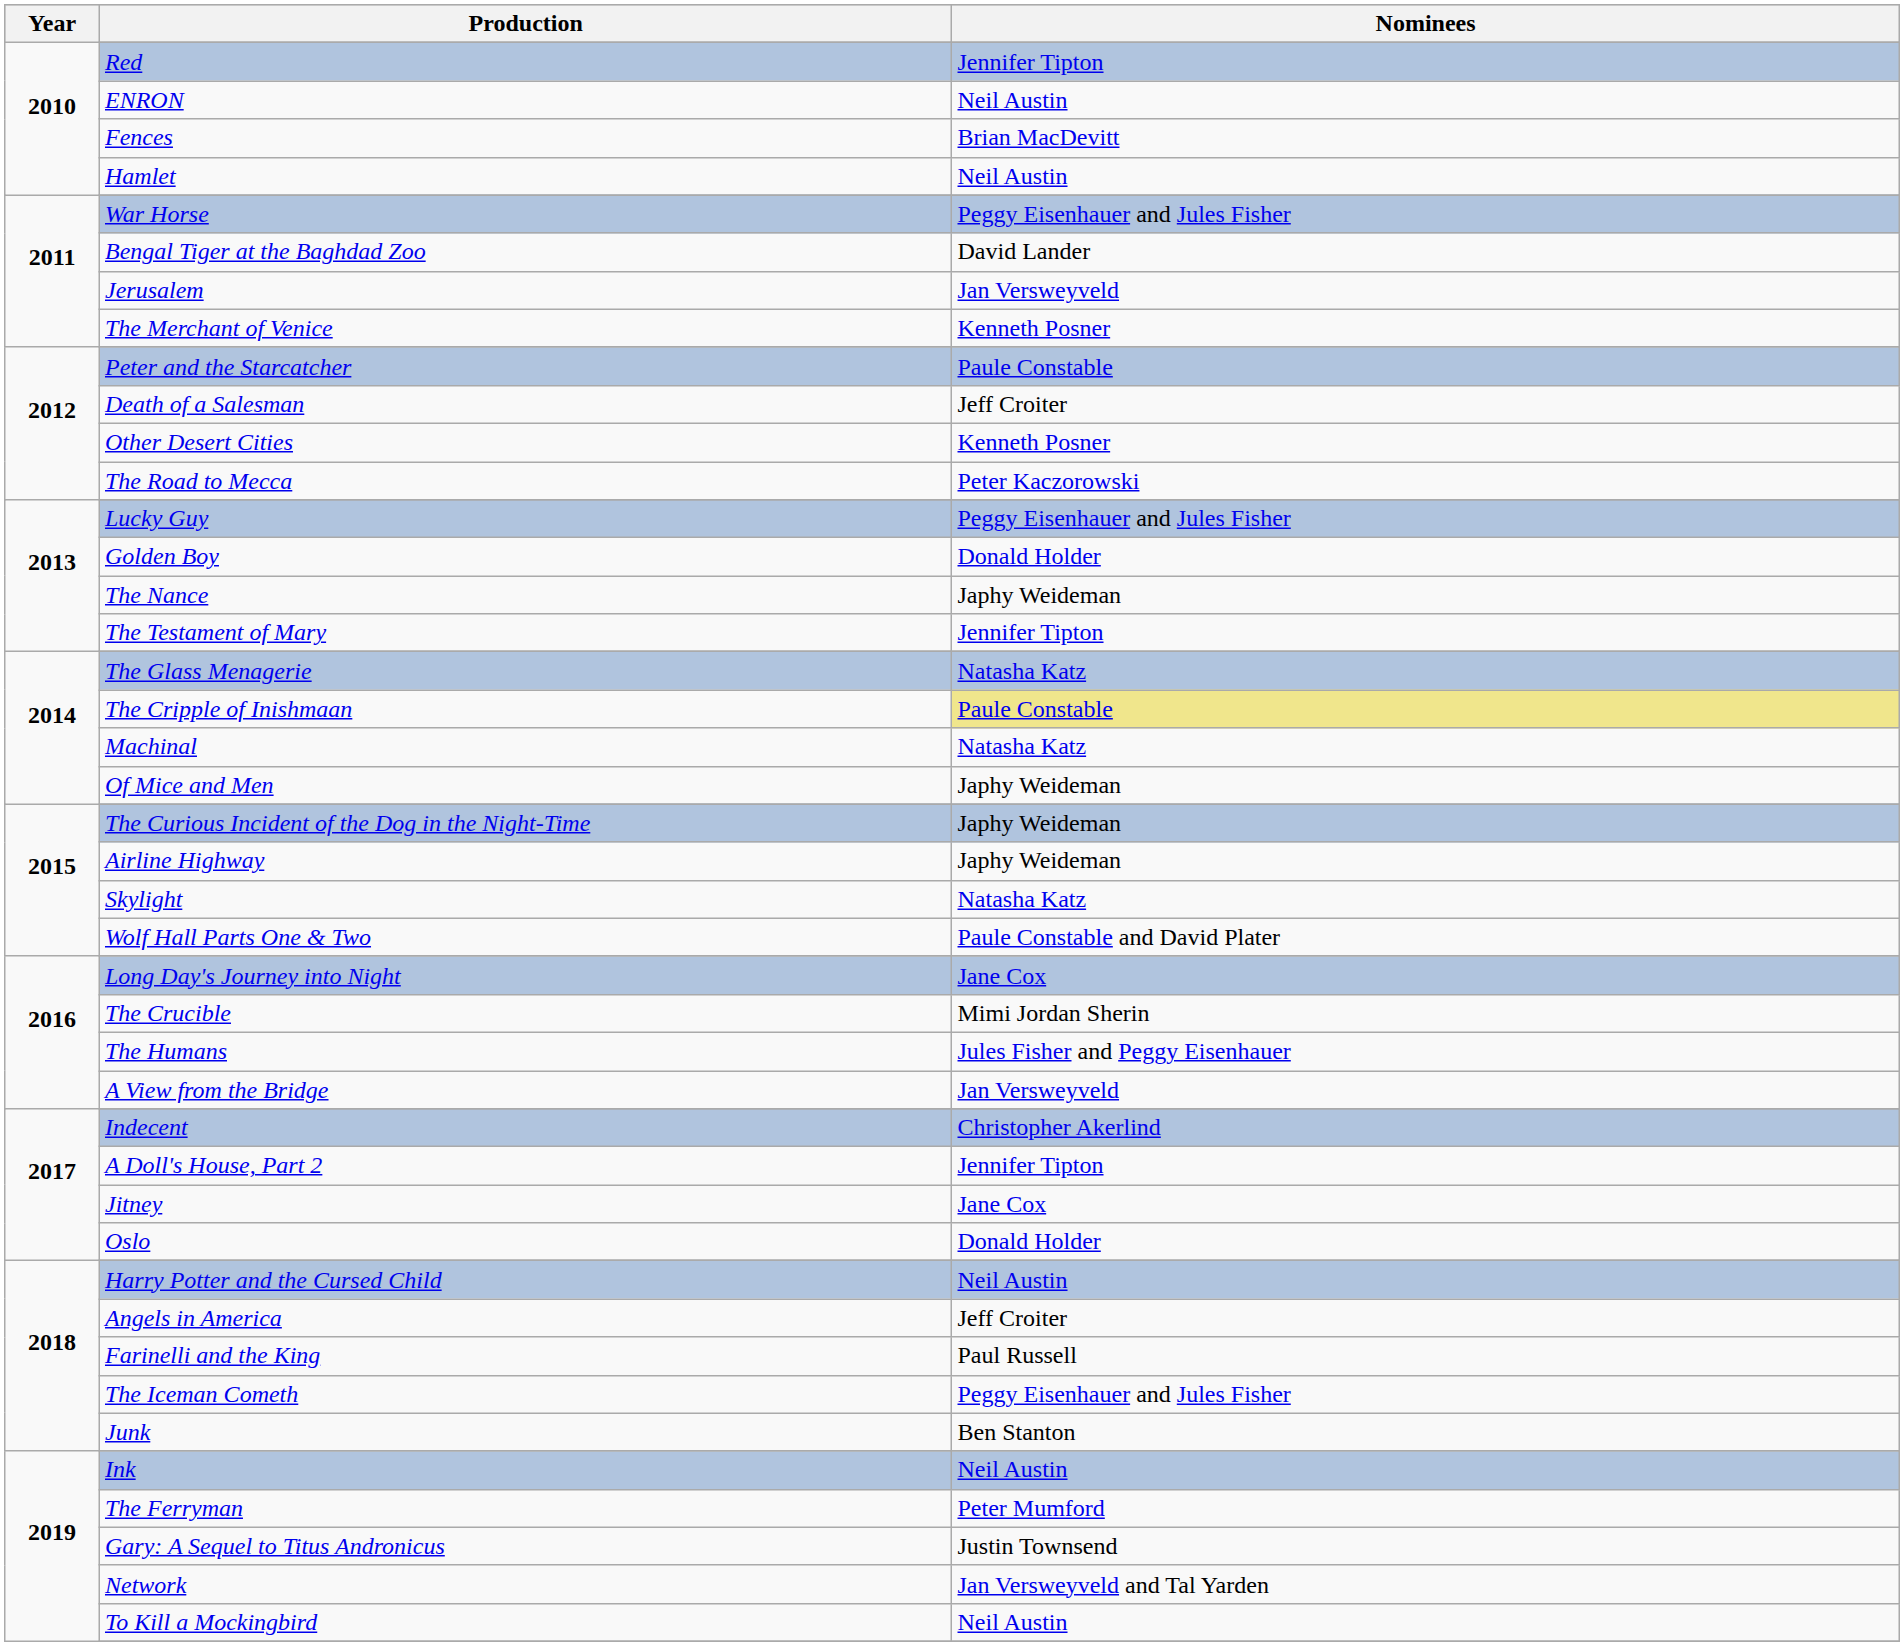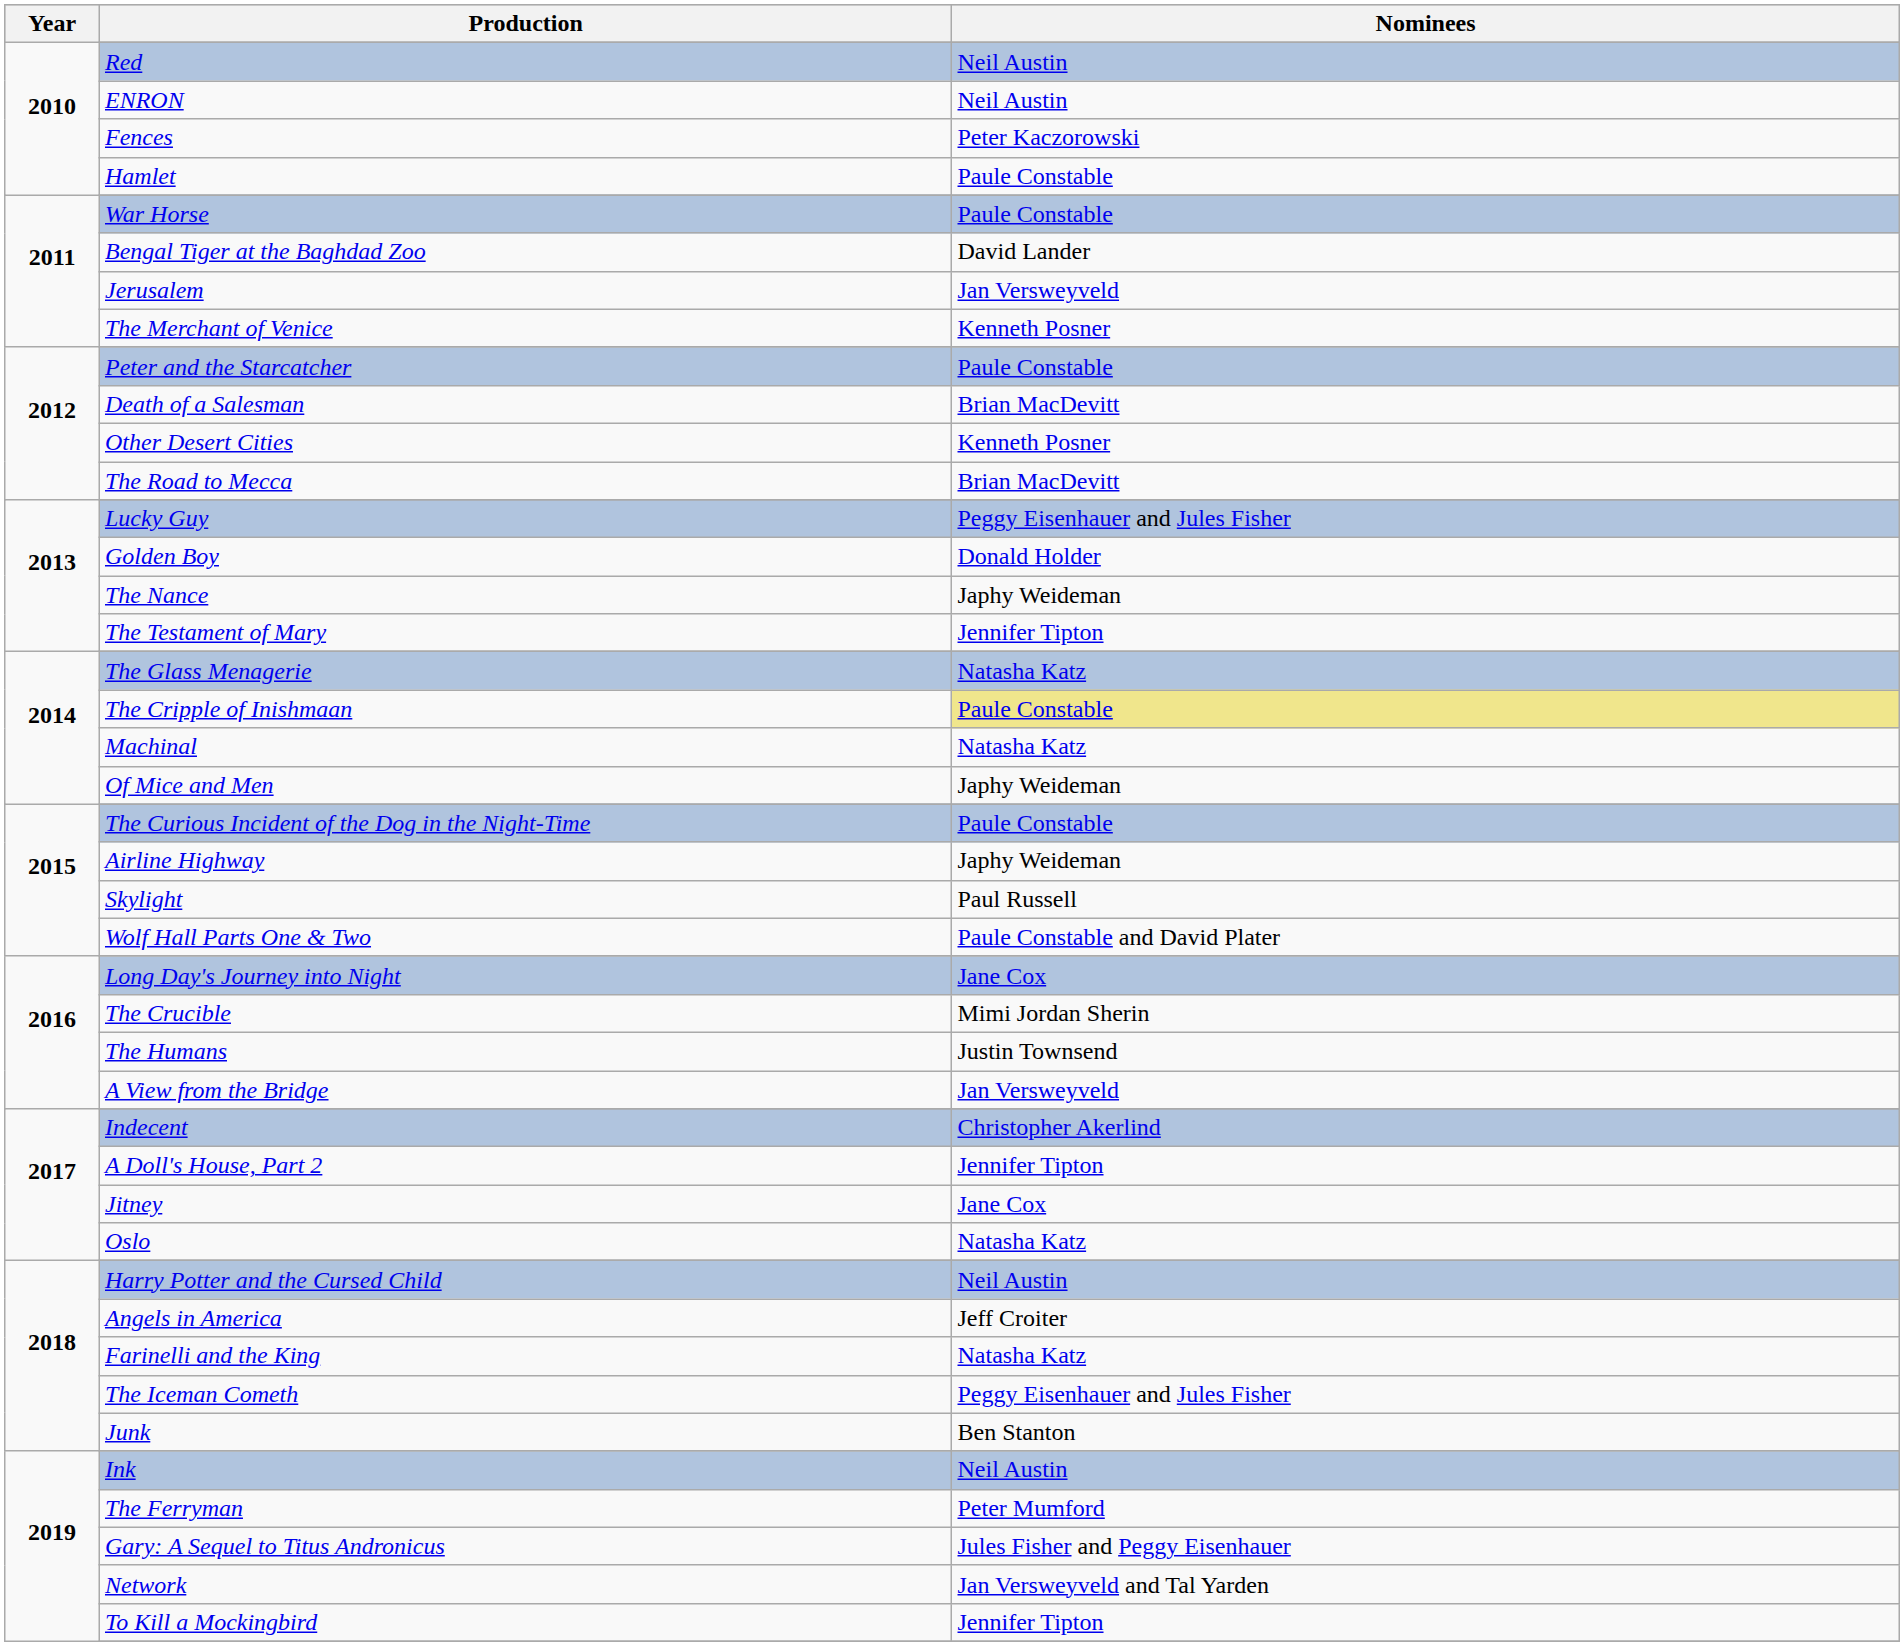 <table class="wikitable" style="width:100%;">
 <tr style="background:#bebebe;">
 <th style="width:5%;">Year</th>
 <th style="width:45%;”">Production</th>
 <th style="width:50%;”">Nominees</th>
 </tr>
 <tr>
 <td rowspan="5" align="center"><strong>2010</strong><br><br></td>
 </tr>
 <tr style="background:#B0C4DE">
 <td><em><a href='#'>Red</a></em></td>
-<td><a href='#'>Jennifer Tipton</a></td>
+<td><a href='#'>Neil Austin</a></td>
 </tr>
 <tr>
 <td><em><a href='#'>ENRON</a></em></td>
 <td><a href='#'>Neil Austin</a></td>
 </tr>
 <tr>
 <td><em><a href='#'>Fences</a></em></td>
-<td><a href='#'>Brian MacDevitt</a></td>
+<td><a href='#'>Peter Kaczorowski</a></td>
 </tr>
 <tr>
 <td><em><a href='#'>Hamlet</a></em></td>
-<td><a href='#'>Neil Austin</a></td>
+<td><a href='#'>Paule Constable</a></td>
 </tr>
 <tr>
 <td rowspan="5" align="center"><strong>2011</strong><br><br></td>
 </tr>
 <tr style="background:#B0C4DE">
 <td><em><a href='#'>War Horse</a></em></td>
-<td><a href='#'>Peggy Eisenhauer</a> and <a href='#'>Jules Fisher</a></td>
+<td><a href='#'>Paule Constable</a></td>
 </tr>
 <tr>
 <td><em><a href='#'>Bengal Tiger at the Baghdad Zoo</a></em></td>
 <td>David Lander</td>
 </tr>
 <tr>
 <td><em><a href='#'>Jerusalem</a></em></td>
 <td><a href='#'>Jan Versweyveld</a></td>
 </tr>
 <tr>
 <td><em><a href='#'>The Merchant of Venice</a></em></td>
 <td><a href='#'>Kenneth Posner</a></td>
 </tr>
 <tr>
 <td rowspan="5" align="center"><strong>2012</strong><br><br></td>
 </tr>
 <tr style="background:#B0C4DE">
 <td><em><a href='#'>Peter and the Starcatcher</a></em></td>
 <td><a href='#'>Paule Constable</a></td>
 </tr>
 <tr>
 <td><em><a href='#'>Death of a Salesman</a></em></td>
-<td>Jeff Croiter</td>
+<td><a href='#'>Brian MacDevitt</a></td>
 </tr>
 <tr>
 <td><em><a href='#'>Other Desert Cities</a></em></td>
 <td><a href='#'>Kenneth Posner</a></td>
 </tr>
 <tr>
 <td><em><a href='#'>The Road to Mecca</a></em></td>
-<td><a href='#'>Peter Kaczorowski</a></td>
+<td><a href='#'>Brian MacDevitt</a></td>
 </tr>
 <tr>
 <td rowspan="5" align="center"><strong>2013</strong><br><br></td>
 </tr>
 <tr style="background:#B0C4DE">
 <td><em><a href='#'>Lucky Guy</a></em></td>
 <td><a href='#'>Peggy Eisenhauer</a> and <a href='#'>Jules Fisher</a></td>
 </tr>
 <tr>
 <td><em><a href='#'>Golden Boy</a></em></td>
 <td><a href='#'>Donald Holder</a></td>
 </tr>
 <tr>
 <td><em><a href='#'>The Nance</a></em></td>
 <td>Japhy Weideman</td>
 </tr>
 <tr>
 <td><em><a href='#'>The Testament of Mary</a></em></td>
 <td><a href='#'>Jennifer Tipton</a></td>
 </tr>
 <tr>
 <td rowspan="5" align="center"><strong>2014</strong><br><br></td>
 </tr>
 <tr style="background:#B0C4DE">
 <td><em><a href='#'>The Glass Menagerie</a></em></td>
 <td><a href='#'>Natasha Katz</a></td>
 </tr>
 <tr>
 <td><em><a href='#'>The Cripple of Inishmaan</a></em></td>
 <td style="background: khaki;"><a href='#'>Paule Constable</a></td>
 </tr>
 <tr>
 <td><em><a href='#'>Machinal</a></em></td>
 <td><a href='#'>Natasha Katz</a></td>
 </tr>
 <tr>
 <td><em><a href='#'>Of Mice and Men</a></em></td>
 <td>Japhy Weideman</td>
 </tr>
 <tr>
 <td rowspan="5" align="center"><strong>2015</strong><br><br></td>
 </tr>
 <tr style="background:#B0C4DE">
 <td><em><a href='#'>The Curious Incident of the Dog in the Night-Time</a></em></td>
-<td>Japhy Weideman</td>
+<td><a href='#'>Paule Constable</a></td>
 </tr>
 <tr>
 <td><em><a href='#'>Airline Highway</a></em></td>
 <td>Japhy Weideman</td>
 </tr>
 <tr>
 <td><em><a href='#'>Skylight</a></em></td>
-<td><a href='#'>Natasha Katz</a></td>
+<td>Paul Russell</td>
 </tr>
 <tr>
 <td><em><a href='#'>Wolf Hall Parts One & Two</a></em></td>
 <td><a href='#'>Paule Constable</a> and David Plater</td>
 </tr>
 <tr>
 <td rowspan="5" align="center"><strong>2016</strong><br><br></td>
 </tr>
 <tr style="background:#B0C4DE">
 <td><em><a href='#'>Long Day's Journey into Night</a></em></td>
 <td><a href='#'>Jane Cox</a></td>
 </tr>
 <tr>
 <td><em><a href='#'>The Crucible</a></em></td>
 <td>Mimi Jordan Sherin</td>
 </tr>
 <tr>
 <td><em><a href='#'>The Humans</a></em></td>
-<td><a href='#'>Jules Fisher</a> and <a href='#'>Peggy Eisenhauer</a></td>
+<td>Justin Townsend</td>
 </tr>
 <tr>
 <td><em><a href='#'>A View from the Bridge</a></em></td>
 <td><a href='#'>Jan Versweyveld</a></td>
 </tr>
 <tr>
 <td rowspan="5" align="center"><strong>2017</strong><br><br></td>
 </tr>
 <tr style="background:#B0C4DE">
 <td><em><a href='#'>Indecent</a></em></td>
 <td><a href='#'>Christopher Akerlind</a></td>
 </tr>
 <tr>
 <td><em><a href='#'>A Doll's House, Part 2</a></em></td>
 <td><a href='#'>Jennifer Tipton</a></td>
 </tr>
 <tr>
 <td><em><a href='#'>Jitney</a></em></td>
 <td><a href='#'>Jane Cox</a></td>
 </tr>
 <tr>
 <td><em><a href='#'>Oslo</a></em></td>
-<td><a href='#'>Donald Holder</a></td>
+<td><a href='#'>Natasha Katz</a></td>
 </tr>
 <tr>
 <td rowspan="6" align="center"><strong>2018</strong><br><br></td>
 </tr>
 <tr style="background:#B0C4DE">
 <td><em><a href='#'>Harry Potter and the Cursed Child</a></em></td>
 <td><a href='#'>Neil Austin</a></td>
 </tr>
 <tr>
 <td><em><a href='#'>Angels in America</a></em></td>
 <td>Jeff Croiter</td>
 </tr>
 <tr>
 <td><em><a href='#'>Farinelli and the King</a></em></td>
-<td>Paul Russell</td>
+<td><a href='#'>Natasha Katz</a></td>
 </tr>
 <tr>
 <td><em><a href='#'>The Iceman Cometh</a></em></td>
 <td><a href='#'>Peggy Eisenhauer</a> and <a href='#'>Jules Fisher</a></td>
 </tr>
 <tr>
 <td><em><a href='#'>Junk</a></em></td>
 <td>Ben Stanton</td>
 </tr>
 <tr>
 <td rowspan="7" align="center"><strong>2019</strong><br><br></td>
 </tr>
 <tr style="background:#B0C4DE">
 <td><em><a href='#'>Ink</a></em></td>
 <td><a href='#'>Neil Austin</a></td>
 </tr>
 <tr>
 <td><em><a href='#'>The Ferryman</a></em></td>
 <td><a href='#'>Peter Mumford</a></td>
 </tr>
 <tr>
 <td><em><a href='#'>Gary: A Sequel to Titus Andronicus</a></em></td>
-<td>Justin Townsend</td>
+<td><a href='#'>Jules Fisher</a> and <a href='#'>Peggy Eisenhauer</a></td>
 </tr>
 <tr>
 <td><em><a href='#'>Network</a></em></td>
 <td><a href='#'>Jan Versweyveld</a> and Tal Yarden</td>
 </tr>
 <tr>
 <td><em><a href='#'>To Kill a Mockingbird</a></em></td>
-<td><a href='#'>Neil Austin</a></td>
+<td><a href='#'>Jennifer Tipton</a></td>
 </tr>
 <tr>
 </tr>
 </table>
